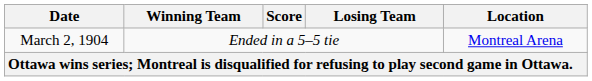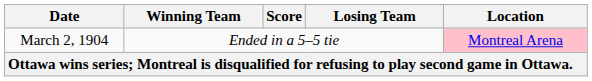 <table class="wikitable" style="text-align:center;">
 <tr>
 <th width="120">Date</th>
 <th width="140">Winning Team</th>
 <th width="5">Score</th>
 <th width="140">Losing Team</th>
 <th width="145">Location</th>
 </tr>
 <tr>
 <td>March 2, 1904</td>
 <td colspan="3"><em>Ended in a 5–5 tie</em></td>
-<td><a href='#'>Montreal Arena</a></td>
+<td style="background: pink;"><a href='#'>Montreal Arena</a></td>
 </tr>
 <tr>
 <th colspan="5" style="text-align:left;">Ottawa wins series; Montreal is disqualified for refusing to play second game in Ottawa.</th>
 </tr>
 </table>
